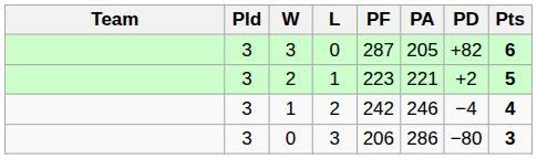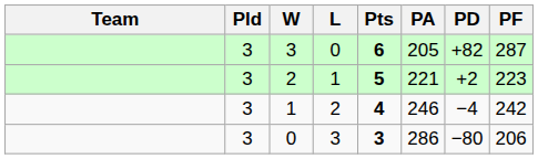 <table class="wikitable" style="text-align:center;">
 <tr>
 <th width=180>Team</th>
 <th width=30>Pld</th>
 <th width=30>W</th>
 <th width=30>L</th>
-<th width=30>PF</th>
+<th width=30>Pts</th>
 <th width=30>PA</th>
 <th width=30>PD</th>
-<th width=30>Pts</th>
+<th width=30>PF</th>
 </tr>
 <tr bgcolor="#ccffcc">
 <td align="left"></td>
 <td>3</td>
 <td>3</td>
 <td>0</td>
-<td>287</td>
+<td><strong>6</strong></td>
 <td>205</td>
 <td>+82</td>
-<td><strong>6</strong></td>
+<td>287</td>
 </tr>
 <tr bgcolor="#ccffcc">
 <td align="left"></td>
 <td>3</td>
 <td>2</td>
 <td>1</td>
-<td>223</td>
+<td><strong>5</strong></td>
 <td>221</td>
 <td>+2</td>
-<td><strong>5</strong></td>
+<td>223</td>
 </tr>
 <tr>
 <td align="left"></td>
 <td>3</td>
 <td>1</td>
 <td>2</td>
-<td>242</td>
+<td><strong>4</strong></td>
 <td>246</td>
 <td>−4</td>
-<td><strong>4</strong></td>
+<td>242</td>
 </tr>
 <tr>
 <td align="left"></td>
 <td>3</td>
 <td>0</td>
 <td>3</td>
-<td>206</td>
+<td><strong>3</strong></td>
 <td>286</td>
 <td>−80</td>
-<td><strong>3</strong></td>
+<td>206</td>
 </tr>
 </table>
